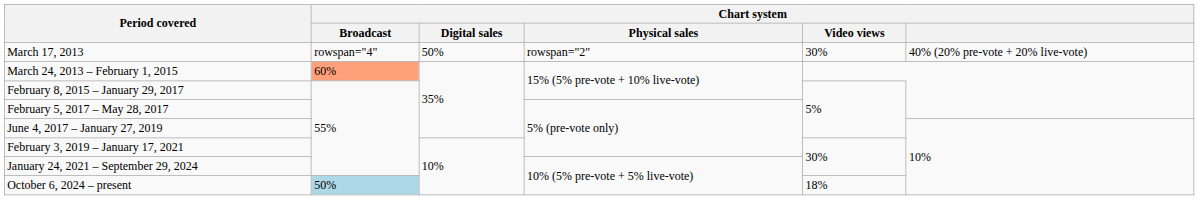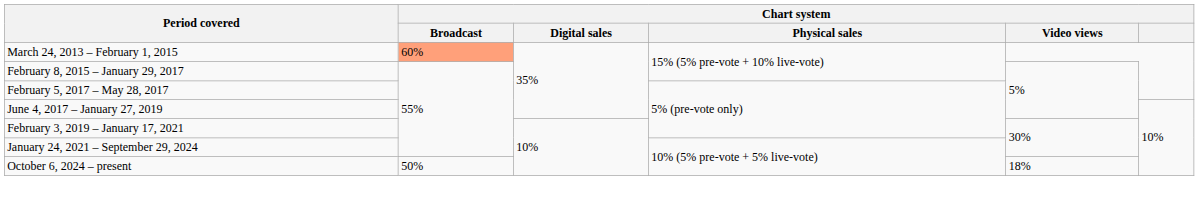 <table class="wikitable" style="width:80%">
 <tr>
 <th rowspan="2" width="">Period covered</th>
 <th colspan="5">Chart system</th>
 </tr>
 <tr>
 <th>Broadcast</th>
 <th>Digital sales</th>
 <th>Physical sales</th>
 <th>Video views</th>
 <th></th>
-</tr>
-<tr>
-<td>March 17, 2013</td>
-<td>rowspan="4" </td>
-<td style="text-align:center”">50%</td>
-<td>rowspan="2" </td>
-<td style="text-align:center”">30%</td>
-<td>40% (20% pre-vote + 20% live-vote)</td>
 </tr>
 <tr>
 <td>March 24, 2013 – February 1, 2015</td>
 <td style="background: lightsalmon; text-align:center”">60%</td>
 <td rowspan="4" style="text-align:center”">35%</td>
 <td rowspan="2">15% (5% pre-vote + 10% live-vote)</td>
 </tr>
 <tr>
 <td>February 8, 2015 – January 29, 2017</td>
 <td rowspan="5" style="text-align:center”">55%</td>
 <td rowspan="3" style="text-align:center”">5%</td>
 </tr>
 <tr>
 <td>February 5, 2017 – May 28, 2017</td>
 <td rowspan="3">5% (pre-vote only)</td>
 </tr>
 <tr>
 <td>June 4, 2017 – January 27, 2019</td>
 <td rowspan="4" style="text-align:center”">10%</td>
 </tr>
 <tr>
 <td>February 3, 2019 – January 17, 2021</td>
 <td rowspan="3" style="text-align:center”">10%</td>
 <td rowspan="2" style="text-align:center”">30%</td>
 </tr>
 <tr>
 <td>January 24, 2021 – September 29, 2024</td>
 <td rowspan="2" style="text-align:center”">10% (5% pre-vote + 5% live-vote)</td>
 </tr>
 <tr>
 <td>October 6, 2024 – present</td>
-<td style="background: lightblue; text-align:center”">50%</td>
+<td style="text-align:center”">50%</td>
 <td style="text-align:center”">18%</td>
 </tr>
 </table>
